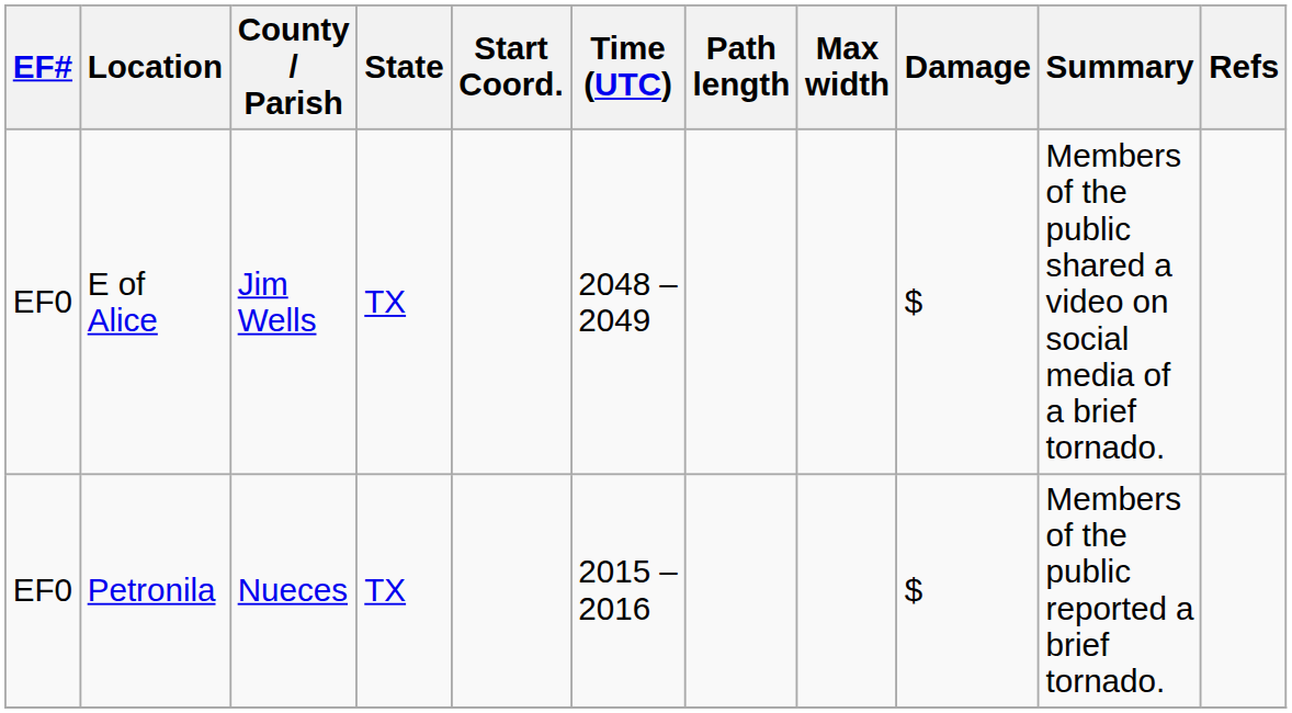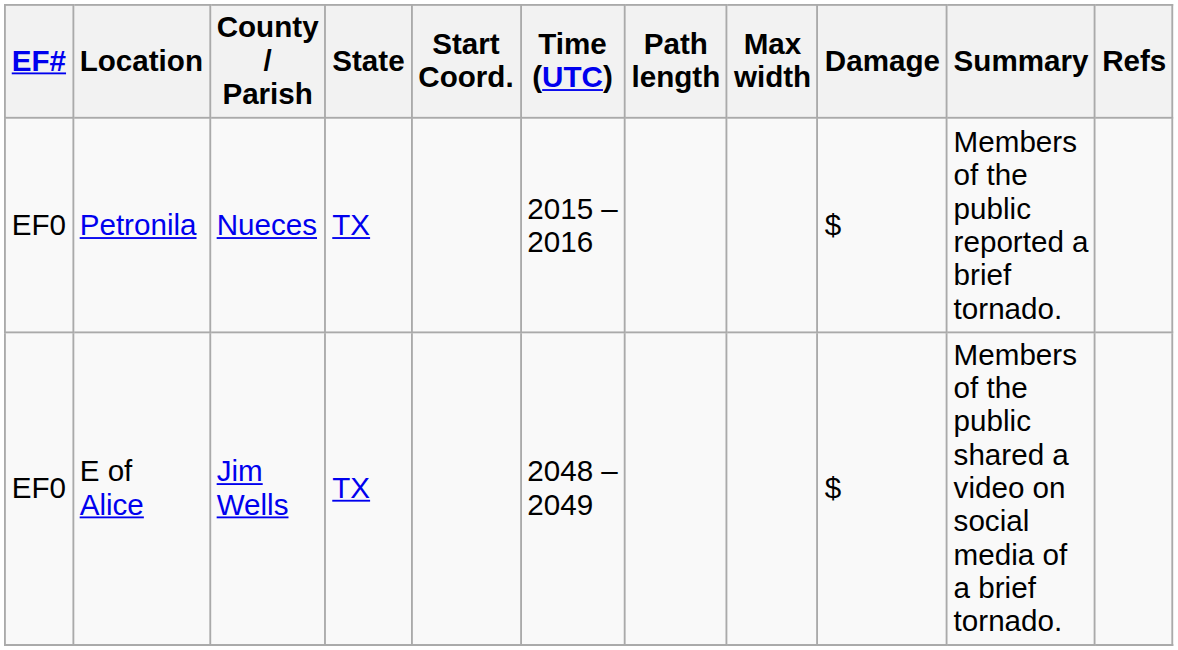 <table class="wikitable sortable" style="width:100%;">
 <tr>
 <th scope="col" width="3%" align="center"><a href='#'>EF#</a></th>
 <th scope="col" width="7%" align="center" class="unsortable">Location</th>
 <th scope="col" width="6%" align="center" class="unsortable">County / Parish</th>
 <th scope="col" width="5%" align="center">State</th>
 <th scope="col" width="6%" align="center">Start Coord.</th>
 <th scope="col" width="6%" align="center">Time (<a href='#'>UTC</a>)</th>
 <th scope="col" width="6%" align="center">Path length</th>
 <th scope="col" width="6%" align="center">Max width</th>
 <th scope="col" width="6%" align="center">Damage</th>
 <th scope="col" width="48%" class="unsortable" align="center">Summary</th>
 <th scope="col" width="48%" class="unsortable" align="center">Refs</th>
 </tr>
 <tr>
 <td>EF0</td>
+<td><a href='#'>Petronila</a></td>
+<td><a href='#'>Nueces</a></td>
+<td><a href='#'>TX</a></td>
+<td></td>
+<td>2015 – 2016</td>
+<td></td>
+<td></td>
+<td>$</td>
+<td>Members of the public reported a brief tornado.</td>
+<td></td>
+</tr>
+<tr>
+<td>EF0</td>
 <td>E of <a href='#'>Alice</a></td>
 <td><a href='#'>Jim Wells</a></td>
 <td><a href='#'>TX</a></td>
 <td></td>
 <td>2048 – 2049</td>
 <td></td>
 <td></td>
 <td>$</td>
 <td>Members of the public shared a video on social media of a brief tornado.</td>
 <td></td>
 </tr>
 <tr>
-<td>EF0</td>
-<td><a href='#'>Petronila</a></td>
-<td><a href='#'>Nueces</a></td>
-<td><a href='#'>TX</a></td>
-<td></td>
-<td>2015 – 2016</td>
-<td></td>
-<td></td>
-<td>$</td>
-<td>Members of the public reported a brief tornado.</td>
-<td></td>
-</tr>
-<tr>
 </tr>
 </table>
